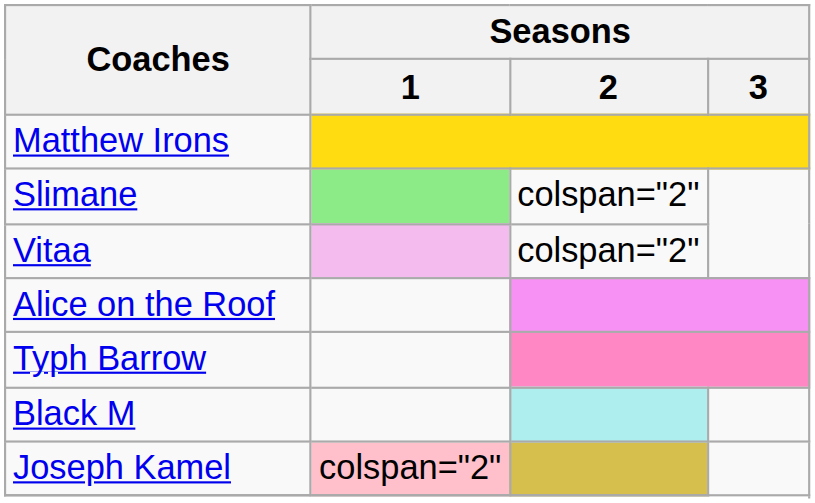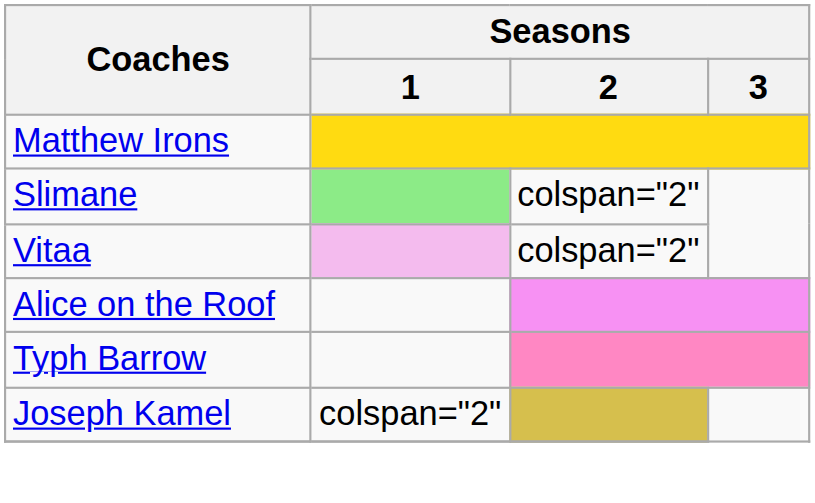 <table class="wikitable">
 <tr>
 <th rowspan="2" width="135">Coaches</th>
 <th colspan="3">Seasons</th>
 </tr>
 <tr>
 <th width="40">1</th>
 <th width="40">2</th>
 <th width="40">3</th>
 </tr>
 <tr>
 <td><a href='#'>Matthew Irons</a></td>
 <td colspan="3" style="background:#ffdb11"></td>
 </tr>
 <tr>
 <td><a href='#'>Slimane</a></td>
 <td style="background:#8ceb87"></td>
 <td>colspan="2" </td>
 </tr>
 <tr>
 <td><a href='#'>Vitaa</a></td>
 <td style="background:#f4bbee"></td>
 <td>colspan="2" </td>
 </tr>
 <tr>
 <td><a href='#'>Alice on the Roof</a></td>
 <td></td>
 <td colspan="2" style="background:#f791f3"></td>
 </tr>
 <tr>
 <td><a href='#'>Typh Barrow</a></td>
 <td></td>
 <td colspan="2" style="background:#FF87C3"></td>
 </tr>
 <tr>
-<td><a href='#'>Black M</a></td>
-<td></td>
-<td style="background:#afeeee"></td>
-<td></td>
-</tr>
-<tr>
 <td><a href='#'>Joseph Kamel</a></td>
-<td style="background: pink;">colspan="2" </td>
+<td>colspan="2" </td>
 <td style="background:#d6bf4d"></td>
 </tr>
 <tr>
 </tr>
 </table>
